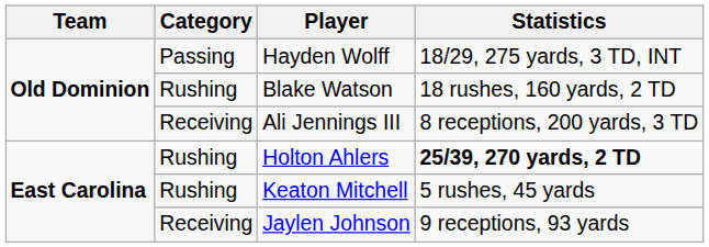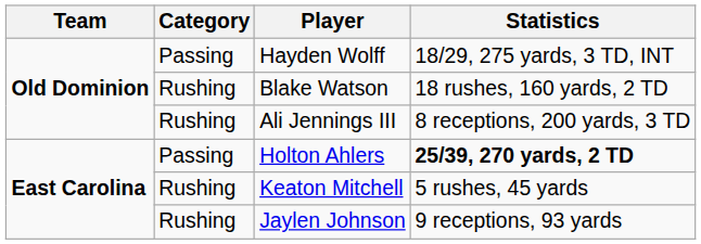 <table class="wikitable" style="float: right;">
 <tr>
 <th>Team</th>
 <th>Category</th>
 <th>Player</th>
 <th>Statistics</th>
 </tr>
 <tr>
 <td rowspan=3><strong>Old Dominion</strong></td>
 <td>Passing</td>
 <td>Hayden Wolff</td>
 <td>18/29, 275 yards, 3 TD, INT</td>
 </tr>
 <tr>
 <td>Rushing</td>
 <td>Blake Watson</td>
 <td>18 rushes, 160 yards, 2 TD</td>
 </tr>
 <tr>
-<td>Receiving</td>
+<td>Rushing</td>
 <td>Ali Jennings III</td>
 <td>8 receptions, 200 yards, 3 TD</td>
 </tr>
 <tr>
 <td rowspan=3><strong>East Carolina</strong></td>
-<td>Rushing</td>
+<td>Passing</td>
 <td><a href='#'>Holton Ahlers</a></td>
 <td><strong>25/39, 270 yards, 2 TD</strong></td>
 </tr>
 <tr>
 <td>Rushing</td>
 <td><a href='#'>Keaton Mitchell</a></td>
 <td>5 rushes, 45 yards</td>
 </tr>
 <tr>
-<td>Receiving</td>
+<td>Rushing</td>
 <td><a href='#'>Jaylen Johnson</a></td>
 <td>9 receptions, 93 yards</td>
 </tr>
 </table>
